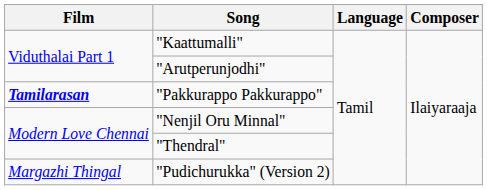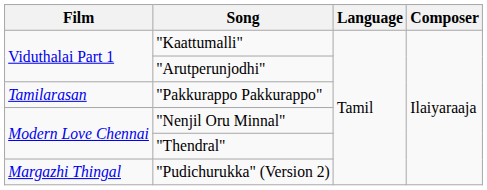 <table class="wikitable sortable" style="font-size:95%;">
 <tr>
 <th>Film</th>
 <th>Song</th>
 <th>Language</th>
 <th>Composer</th>
 </tr>
 <tr>
 <td rowspan="2"><a href='#'>Viduthalai Part 1</a></td>
 <td>"Kaattumalli"</td>
 <td rowspan="6">Tamil</td>
 <td rowspan="6">Ilaiyaraaja</td>
 </tr>
 <tr>
 <td>"Arutperunjodhi"</td>
 </tr>
 <tr>
-<td><strong><em><a href='#'>Tamilarasan</a></em></strong></td>
+<td><em><a href='#'>Tamilarasan</a></em></td>
 <td>"Pakkurappo Pakkurappo"</td>
 </tr>
 <tr>
 <td rowspan="2"><a href='#'><em>Modern Love Chennai</em></a></td>
 <td>"Nenjil Oru Minnal"</td>
 </tr>
 <tr>
 <td>"Thendral"</td>
 </tr>
 <tr>
 <td><a href='#'><em>Margazhi Thingal</em></a></td>
 <td>"Pudichurukka" (Version 2)</td>
 </tr>
 </table>
